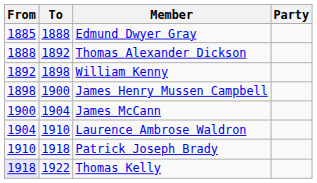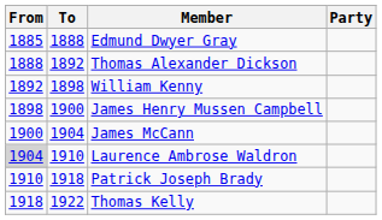 <table class=wikitable>
 <tr>
 <th>From</th>
 <th>To</th>
 <th>Member</th>
 <th colspan="2">Party</th>
 </tr>
 <tr>
 <td><a href='#'>1885</a></td>
 <td><a href='#'>1888</a></td>
 <td><a href='#'>Edmund Dwyer Gray</a></td>
 <td></td>
 </tr>
 <tr>
 <td><a href='#'>1888</a></td>
 <td><a href='#'>1892</a></td>
 <td><a href='#'>Thomas Alexander Dickson</a></td>
 <td></td>
 </tr>
 <tr>
 <td><a href='#'>1892</a></td>
 <td><a href='#'>1898</a></td>
 <td><a href='#'>William Kenny</a></td>
 <td></td>
 </tr>
 <tr>
 <td><a href='#'>1898</a></td>
 <td><a href='#'>1900</a></td>
 <td><a href='#'>James Henry Mussen Campbell</a></td>
 <td></td>
 </tr>
 <tr>
 <td><a href='#'>1900</a></td>
 <td><a href='#'>1904</a></td>
 <td><a href='#'>James McCann</a></td>
 <td></td>
 </tr>
 <tr>
-<td><a href='#'>1904</a></td>
+<td style="background: lightgrey;"><a href='#'>1904</a></td>
 <td><a href='#'>1910</a></td>
 <td><a href='#'>Laurence Ambrose Waldron</a></td>
 <td></td>
 </tr>
 <tr>
 <td><a href='#'>1910</a></td>
 <td><a href='#'>1918</a></td>
 <td><a href='#'>Patrick Joseph Brady</a></td>
 <td></td>
 </tr>
 <tr>
-<td style="background: lavender;"><a href='#'>1918</a></td>
+<td><a href='#'>1918</a></td>
 <td><a href='#'>1922</a></td>
 <td><a href='#'>Thomas Kelly</a></td>
 <td></td>
 </tr>
 </table>
